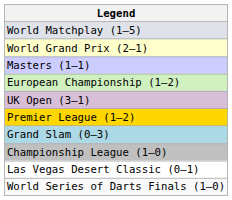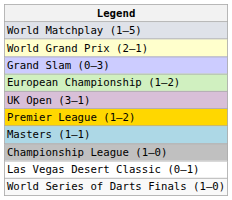 <table class="wikitable">
 <tr>
 <th>Legend</th>
 </tr>
 <tr style="background:#dfe2e9;">
 <td>World Matchplay (1–5)</td>
 </tr>
 <tr style="background:#FFFFCC;">
 <td>World Grand Prix (2–1)</td>
 </tr>
 <tr style="background:#ccf;">
-<td>Masters (1–1)</td>
+<td>Grand Slam (0–3)</td>
 </tr>
 <tr style="background:#d0f0c0;">
 <td>European Championship (1–2)</td>
 </tr>
 <tr style="background:thistle">
 <td>UK Open (3–1)</td>
 </tr>
 <tr style="background:gold">
 <td>Premier League (1–2)</td>
 </tr>
 <tr bgcolor="lightblue">
-<td>Grand Slam (0–3)</td>
+<td>Masters (1–1)</td>
 </tr>
 <tr bgcolor="silver">
 <td>Championship League (1–0)</td>
 </tr>
 <tr bgcolor="white">
 <td>Las Vegas Desert Classic (0–1)</td>
 </tr>
 <tr>
 <td>World Series of Darts Finals (1–0)</td>
 </tr>
 </table>
